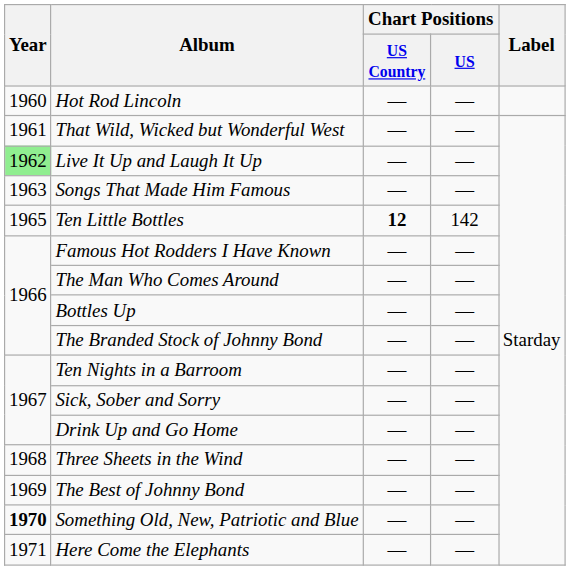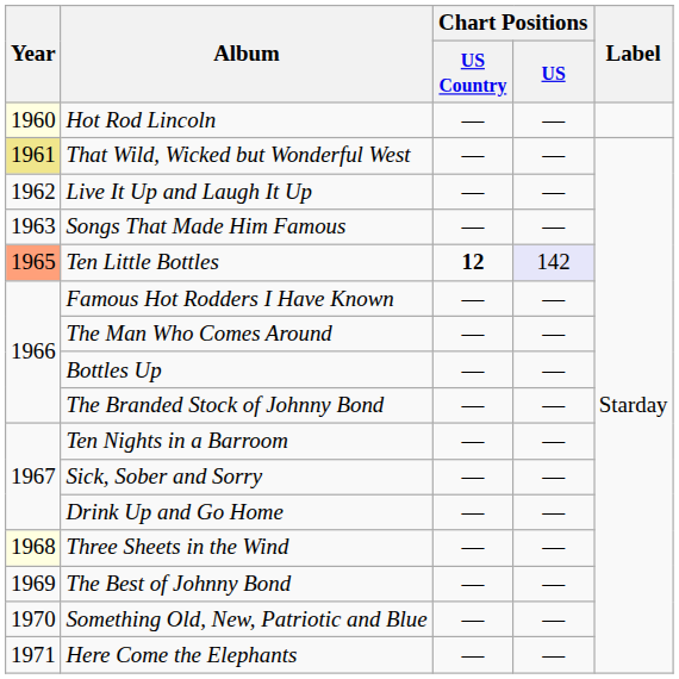 <table class="wikitable">
 <tr>
 <th rowspan="2">Year</th>
 <th rowspan="2">Album</th>
 <th colspan="2">Chart Positions</th>
 <th rowspan="2">Label</th>
 </tr>
 <tr>
 <th width="50"><small><a href='#'>US Country</a></small></th>
 <th width="50"><small><a href='#'>US</a></small></th>
 </tr>
 <tr>
-<td>1960</td>
+<td style="background: lightyellow;">1960</td>
 <td><em>Hot Rod Lincoln</em></td>
 <td align="center">—</td>
 <td align="center">—</td>
 </tr>
 <tr>
-<td>1961</td>
+<td style="background: khaki;">1961</td>
 <td><em>That Wild, Wicked but Wonderful West</em></td>
 <td align="center">—</td>
 <td align="center">—</td>
 <td rowspan="16">Starday</td>
 </tr>
 <tr>
-<td style="background: lightgreen;">1962</td>
+<td>1962</td>
 <td><em>Live It Up and Laugh It Up</em></td>
 <td align="center">—</td>
 <td align="center">—</td>
 </tr>
 <tr>
 <td>1963</td>
 <td><em>Songs That Made Him Famous</em></td>
 <td align="center">—</td>
 <td align="center">—</td>
 </tr>
 <tr>
-<td>1965</td>
+<td style="background: lightsalmon;">1965</td>
 <td><em>Ten Little Bottles</em></td>
 <td align="center"><strong>12</strong></td>
-<td align="center">142</td>
+<td align="center" style="background: lavender;">142</td>
 </tr>
 <tr>
 <td rowspan="4">1966</td>
 <td><em>Famous Hot Rodders I Have Known</em></td>
 <td align="center">—</td>
 <td align="center">—</td>
 </tr>
 <tr>
 <td><em>The Man Who Comes Around</em></td>
 <td align="center">—</td>
 <td align="center">—</td>
 </tr>
 <tr>
 <td><em>Bottles Up</em></td>
 <td align="center">—</td>
 <td align="center">—</td>
 </tr>
 <tr>
 <td><em>The Branded Stock of Johnny Bond</em></td>
 <td align="center">—</td>
 <td align="center">—</td>
 </tr>
 <tr>
 <td rowspan="3">1967</td>
 <td><em>Ten Nights in a Barroom</em></td>
 <td align="center">—</td>
 <td align="center">—</td>
 </tr>
 <tr>
 <td><em>Sick, Sober and Sorry</em></td>
 <td align="center">—</td>
 <td align="center">—</td>
 </tr>
 <tr>
 <td><em>Drink Up and Go Home</em></td>
 <td align="center">—</td>
 <td align="center">—</td>
 </tr>
 <tr>
-<td>1968</td>
+<td style="background: lightyellow;">1968</td>
 <td><em>Three Sheets in the Wind</em></td>
 <td align="center">—</td>
 <td align="center">—</td>
 </tr>
 <tr>
 <td>1969</td>
 <td><em>The Best of Johnny Bond</em></td>
 <td align="center">—</td>
 <td align="center">—</td>
 </tr>
 <tr>
-<td><strong>1970</strong></td>
+<td>1970</td>
 <td><em>Something Old, New, Patriotic and Blue</em></td>
 <td align="center">—</td>
 <td align="center">—</td>
 </tr>
 <tr>
 <td>1971</td>
 <td><em>Here Come the Elephants</em></td>
 <td align="center">—</td>
 <td align="center">—</td>
 </tr>
 </table>
